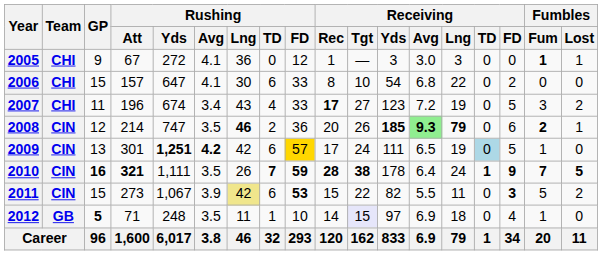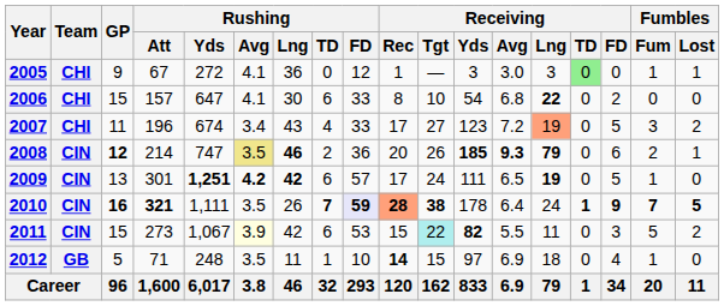 <table class= "wikitable" style="text-align:center;">
 <tr>
 <th rowspan="2">Year</th>
 <th rowspan="2">Team</th>
 <th rowspan="2">GP</th>
 <th colspan="6">Rushing</th>
 <th colspan="7">Receiving</th>
 <th colspan="2">Fumbles</th>
 </tr>
 <tr>
 <th>Att</th>
 <th>Yds</th>
 <th>Avg</th>
 <th>Lng</th>
 <th>TD</th>
 <th>FD</th>
 <th>Rec</th>
 <th>Tgt</th>
 <th>Yds</th>
 <th>Avg</th>
 <th>Lng</th>
 <th>TD</th>
 <th>FD</th>
 <th>Fum</th>
 <th>Lost</th>
 </tr>
 <tr>
 <th><a href='#'>2005</a></th>
 <th><a href='#'>CHI</a></th>
 <td>9</td>
 <td>67</td>
 <td>272</td>
 <td>4.1</td>
 <td>36</td>
 <td>0</td>
 <td>12</td>
 <td>1</td>
 <td>—</td>
 <td>3</td>
 <td>3.0</td>
 <td>3</td>
+<td style="background: lightgreen;">0</td>
 <td>0</td>
-<td>0</td>
-<td><strong>1</strong></td>
+<td>1</td>
 <td>1</td>
 </tr>
 <tr>
 <th><a href='#'>2006</a></th>
 <th><a href='#'>CHI</a></th>
 <td>15</td>
 <td>157</td>
 <td>647</td>
 <td>4.1</td>
 <td>30</td>
 <td>6</td>
 <td>33</td>
 <td>8</td>
 <td>10</td>
 <td>54</td>
 <td>6.8</td>
-<td>22</td>
+<td><strong>22</strong></td>
 <td>0</td>
 <td>2</td>
 <td>0</td>
 <td>0</td>
 </tr>
 <tr>
 <th><a href='#'>2007</a></th>
 <th><a href='#'>CHI</a></th>
 <td>11</td>
 <td>196</td>
 <td>674</td>
 <td>3.4</td>
 <td>43</td>
 <td>4</td>
 <td>33</td>
-<td><strong>17</strong></td>
+<td>17</td>
 <td>27</td>
 <td>123</td>
 <td>7.2</td>
-<td>19</td>
+<td style="background: lightsalmon;">19</td>
 <td>0</td>
 <td>5</td>
 <td>3</td>
 <td>2</td>
 </tr>
 <tr>
 <th><a href='#'>2008</a></th>
 <th><a href='#'>CIN</a></th>
-<td>12</td>
+<td><strong>12</strong></td>
 <td>214</td>
 <td>747</td>
-<td>3.5</td>
+<td style="background: khaki;">3.5</td>
 <td><strong>46</strong></td>
 <td>2</td>
 <td>36</td>
 <td>20</td>
 <td>26</td>
 <td><strong>185</strong></td>
-<td style="background: lightgreen;"><strong>9.3</strong></td>
+<td><strong>9.3</strong></td>
 <td><strong>79</strong></td>
 <td>0</td>
 <td>6</td>
-<td><strong>2</strong></td>
+<td>2</td>
 <td>1</td>
 </tr>
 <tr>
 <th><a href='#'>2009</a></th>
 <th><a href='#'>CIN</a></th>
 <td>13</td>
 <td>301</td>
 <td><strong>1,251</strong></td>
 <td><strong>4.2</strong></td>
-<td>42</td>
+<td><strong>42</strong></td>
 <td>6</td>
-<td style="background: gold;">57</td>
+<td>57</td>
 <td>17</td>
 <td>24</td>
 <td>111</td>
 <td>6.5</td>
-<td>19</td>
-<td style="background: lightblue;">0</td>
+<td><strong>19</strong></td>
+<td>0</td>
 <td>5</td>
 <td>1</td>
 <td>0</td>
 </tr>
 <tr>
 <th><a href='#'>2010</a></th>
 <th><a href='#'>CIN</a></th>
 <td><strong>16</strong></td>
 <td><strong>321</strong></td>
 <td>1,111</td>
 <td>3.5</td>
 <td>26</td>
 <td><strong>7</strong></td>
-<td><strong>59</strong></td>
-<td><strong>28</strong></td>
+<td style="background: lavender;"><strong>59</strong></td>
+<td style="background: lightsalmon;"><strong>28</strong></td>
 <td><strong>38</strong></td>
 <td>178</td>
 <td>6.4</td>
 <td>24</td>
 <td><strong>1</strong></td>
 <td><strong>9</strong></td>
 <td><strong>7</strong></td>
 <td><strong>5</strong></td>
 </tr>
 <tr>
 <th><a href='#'>2011</a></th>
 <th><a href='#'>CIN</a></th>
 <td>15</td>
 <td>273</td>
 <td>1,067</td>
-<td>3.9</td>
-<td style="background: khaki;">42</td>
+<td style="background: lightyellow;">3.9</td>
+<td>42</td>
 <td>6</td>
-<td><strong>53</strong></td>
+<td>53</td>
 <td>15</td>
-<td>22</td>
-<td>82</td>
+<td style="background: paleturquoise;">22</td>
+<td><strong>82</strong></td>
 <td>5.5</td>
 <td>11</td>
 <td>0</td>
-<td><strong>3</strong></td>
+<td>3</td>
 <td>5</td>
 <td>2</td>
 </tr>
 <tr>
 <th><a href='#'>2012</a></th>
 <th><a href='#'>GB</a></th>
-<td><strong>5</strong></td>
+<td>5</td>
 <td>71</td>
 <td>248</td>
 <td>3.5</td>
 <td>11</td>
 <td>1</td>
 <td>10</td>
-<td>14</td>
-<td style="background: lavender;">15</td>
+<td><strong>14</strong></td>
+<td>15</td>
 <td>97</td>
 <td>6.9</td>
 <td>18</td>
 <td>0</td>
 <td>4</td>
 <td>1</td>
 <td>0</td>
 </tr>
 <tr>
 <th colspan="2">Career</th>
 <th>96</th>
 <th>1,600</th>
 <th>6,017</th>
 <th>3.8</th>
 <th>46</th>
 <th>32</th>
 <th>293</th>
 <th>120</th>
 <th>162</th>
 <th>833</th>
 <th>6.9</th>
 <th>79</th>
 <th>1</th>
 <th>34</th>
 <th>20</th>
 <th>11</th>
 </tr>
 </table>
